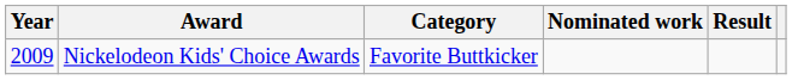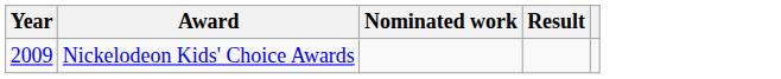 <table class="wikitable">
 <tr>
 <th>Year</th>
 <th>Award</th>
-<th>Category</th>
 <th>Nominated work</th>
 <th>Result</th>
 <th></th>
 </tr>
 <tr>
 <td><a href='#'>2009</a></td>
 <td><a href='#'>Nickelodeon Kids' Choice Awards</a></td>
-<td><a href='#'>Favorite Buttkicker</a></td>
 <td></td>
 <td></td>
 <td></td>
 </tr>
 </table>
